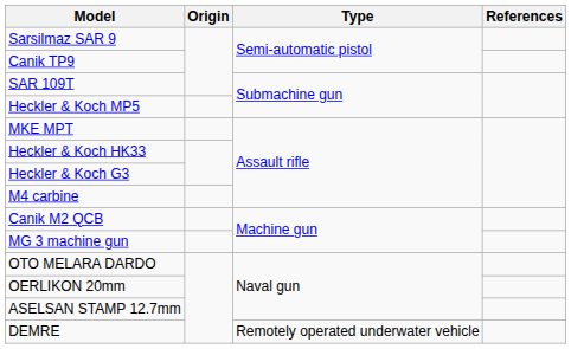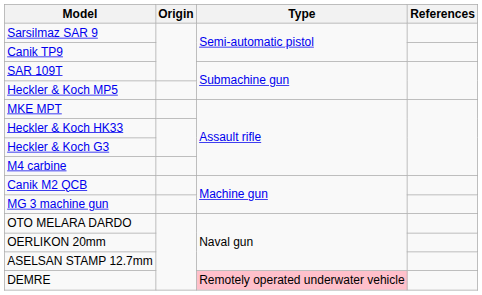 <table class="wikitable">
 <tr>
 <th>Model</th>
 <th>Origin</th>
 <th>Type</th>
 <th>References</th>
 </tr>
 <tr>
 <td><a href='#'>Sarsilmaz SAR 9</a></td>
 <td rowspan="3"></td>
 <td rowspan="2"><a href='#'>Semi-automatic pistol</a></td>
 <td></td>
 </tr>
 <tr>
 <td><a href='#'>Canik TP9</a></td>
 <td></td>
 </tr>
 <tr>
 <td><a href='#'>SAR 109T</a></td>
 <td rowspan="2"><a href='#'>Submachine gun</a></td>
 <td rowspan="2"></td>
 </tr>
 <tr>
 <td><a href='#'>Heckler & Koch MP5</a></td>
 <td></td>
 </tr>
 <tr>
 <td><a href='#'>MKE MPT</a></td>
 <td></td>
 <td rowspan="4"><a href='#'>Assault rifle</a></td>
 <td rowspan="4"></td>
 </tr>
 <tr>
 <td><a href='#'>Heckler & Koch HK33</a></td>
 <td rowspan="2"></td>
 </tr>
 <tr>
 <td><a href='#'>Heckler & Koch G3</a></td>
 </tr>
 <tr>
 <td><a href='#'>M4 carbine</a></td>
 <td></td>
 </tr>
 <tr>
 <td><a href='#'>Canik M2 QCB</a></td>
 <td></td>
 <td rowspan="2"><a href='#'>Machine gun</a></td>
 <td></td>
 </tr>
 <tr>
 <td><a href='#'>MG 3 machine gun</a></td>
 <td></td>
 <td></td>
 </tr>
 <tr>
 <td>OTO MELARA DARDO</td>
 <td rowspan="4"></td>
 <td rowspan="3">Naval gun</td>
 <td></td>
 </tr>
 <tr>
 <td>OERLIKON 20mm</td>
 <td></td>
 </tr>
 <tr>
 <td>ASELSAN STAMP 12.7mm</td>
 <td></td>
 </tr>
 <tr>
 <td>DEMRE</td>
-<td>Remotely operated underwater vehicle</td>
+<td style="background: pink;">Remotely operated underwater vehicle</td>
 <td></td>
 </tr>
 </table>
